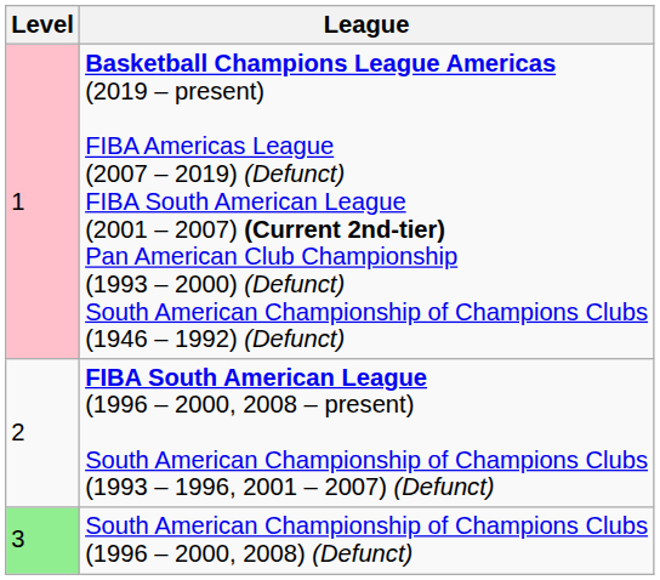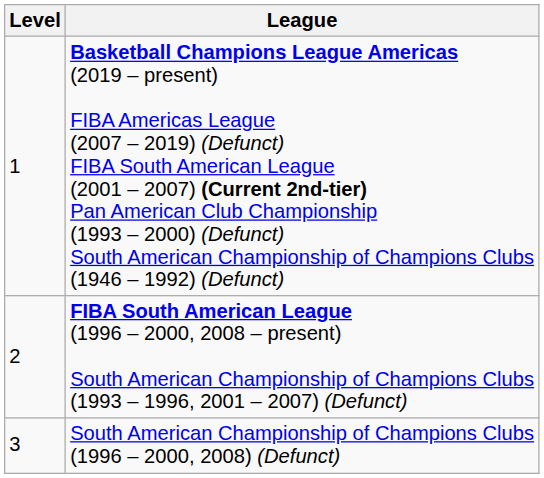 <table class="wikitable">
 <tr south>
 <th colspan="1">Level</th>
 <th colspan="5">League</th>
 </tr>
 <tr>
-<td colspan="1" style="background: pink;">1</td>
+<td colspan="1">1</td>
 <td colspan="5"><strong><a href='#'>Basketball Champions League Americas</a></strong><br>(2019 – present)<br><br><a href='#'>FIBA Americas League</a><br>(2007 – 2019) <em>(Defunct)</em><br> <a href='#'>FIBA South American League</a><br>(2001 – 2007) <strong>(Current 2nd-tier)</strong><br> <a href='#'>Pan American Club Championship</a><br>(1993 – 2000) <em>(Defunct)</em><br> <a href='#'>South American Championship of Champions Clubs</a><br>(1946 – 1992) <em>(Defunct)</em><br></td>
 </tr>
 <tr>
 <td colspan="1">2</td>
 <td colspan="5"><strong><a href='#'>FIBA South American League</a></strong><br>(1996 – 2000, 2008 – present)<br><br><a href='#'>South American Championship of Champions Clubs</a><br>(1993 – 1996, 2001 – 2007) <em>(Defunct)</em></td>
 </tr>
 <tr>
-<td colspan="1" style="background: lightgreen;">3</td>
+<td colspan="1">3</td>
 <td colspan="5"><a href='#'>South American Championship of Champions Clubs</a><br>(1996 – 2000, 2008) <em>(Defunct)</em></td>
 </tr>
 </table>
